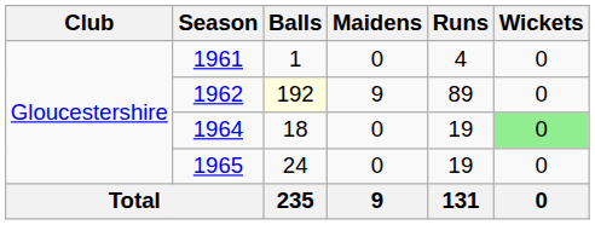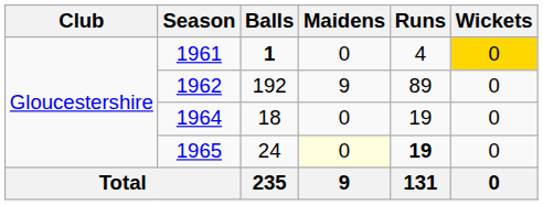 <table class="wikitable" style="text-align:center">
 <tr>
 <th>Club</th>
 <th>Season</th>
 <th>Balls</th>
 <th>Maidens</th>
 <th>Runs</th>
 <th>Wickets</th>
 </tr>
 <tr>
 <td rowspan=4><a href='#'>Gloucestershire</a></td>
 <td><a href='#'>1961</a></td>
-<td>1</td>
+<td><strong>1</strong></td>
 <td>0</td>
 <td>4</td>
-<td>0</td>
+<td style="background: gold;">0</td>
 </tr>
 <tr>
 <td><a href='#'>1962</a></td>
-<td style="background: lightyellow;">192</td>
+<td>192</td>
 <td>9</td>
 <td>89</td>
 <td>0</td>
 </tr>
 <tr>
 <td><a href='#'>1964</a></td>
 <td>18</td>
 <td>0</td>
 <td>19</td>
-<td style="background: lightgreen;">0</td>
+<td>0</td>
 </tr>
 <tr>
 <td><a href='#'>1965</a></td>
 <td>24</td>
-<td>0</td>
-<td>19</td>
+<td style="background: lightyellow;">0</td>
+<td><strong>19</strong></td>
 <td>0</td>
 </tr>
 <tr>
 <th colspan=2>Total</th>
 <th>235</th>
 <th>9</th>
 <th>131</th>
 <th>0</th>
 </tr>
 </table>
